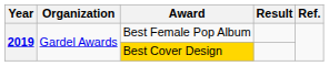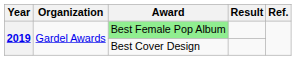 <table class="wikitable plainrowheaders">
 <tr>
 <th>Year</th>
 <th>Organization</th>
 <th>Award</th>
 <th>Result</th>
 <th>Ref.</th>
 </tr>
 <tr>
 <th scope="row" rowspan="2"><a href='#'>2019</a></th>
 <td rowspan="2"><a href='#'>Gardel Awards</a></td>
-<td>Best Female Pop Album</td>
+<td style="background: lightgreen;">Best Female Pop Album</td>
 <td></td>
 <td rowspan="2"></td>
 </tr>
 <tr>
-<td style="background: gold;">Best Cover Design</td>
+<td>Best Cover Design</td>
 <td></td>
 </tr>
 </table>
